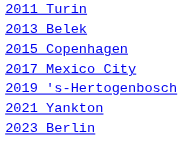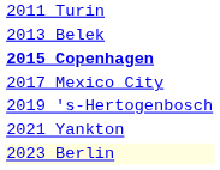 <table>
 <tr>
 <td> <a href='#'>2011 Turin</a></td>
 <td></td>
 <td></td>
 <td></td>
 </tr>
 <tr>
 <td> <a href='#'>2013 Belek</a></td>
 <td></td>
 <td></td>
 <td></td>
 </tr>
 <tr>
-<td> <a href='#'>2015 Copenhagen</a></td>
+<td><strong> <a href='#'>2015 Copenhagen</a></strong></td>
 <td></td>
 <td></td>
 <td></td>
 </tr>
 <tr>
 <td> <a href='#'>2017 Mexico City</a></td>
 <td></td>
 <td></td>
 <td></td>
 </tr>
 <tr>
 <td> <a href='#'>2019 's-Hertogenbosch</a></td>
 <td></td>
 <td></td>
 <td></td>
 </tr>
 <tr>
 <td> <a href='#'>2021 Yankton</a></td>
 <td></td>
 <td></td>
 <td></td>
 </tr>
 <tr>
-<td> <a href='#'>2023 Berlin</a></td>
+<td style="background: lightyellow;"> <a href='#'>2023 Berlin</a></td>
 <td></td>
 <td></td>
 <td></td>
 </tr>
 </table>
